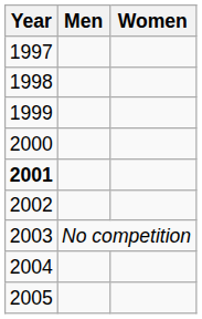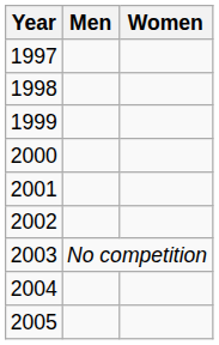 <table class=wikitable style="font-size:90%; text-align:left">
 <tr>
 <th>Year</th>
 <th>Men</th>
 <th>Women</th>
 </tr>
 <tr>
 <td>1997</td>
 <td></td>
 <td></td>
 </tr>
 <tr>
 <td>1998</td>
 <td></td>
 <td></td>
 </tr>
 <tr>
 <td>1999</td>
 <td></td>
 <td></td>
 </tr>
 <tr>
 <td>2000</td>
 <td></td>
 <td></td>
 </tr>
 <tr>
-<td><strong>2001</strong></td>
+<td>2001</td>
 <td></td>
 <td></td>
 </tr>
 <tr>
 <td>2002</td>
 <td></td>
 <td></td>
 </tr>
 <tr>
 <td>2003</td>
 <td colspan="2" align="center"><em>No competition</em></td>
 </tr>
 <tr>
 <td>2004</td>
 <td></td>
 <td></td>
 </tr>
 <tr>
 <td>2005</td>
 <td></td>
 <td></td>
 </tr>
 </table>
